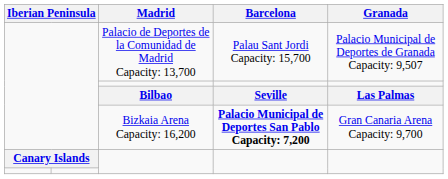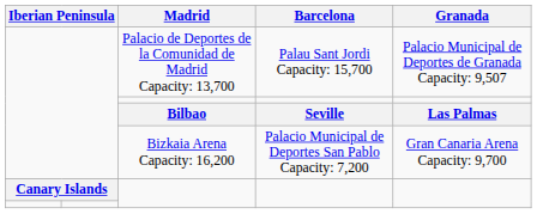 <table class="wikitable" style="text-align:center;" align="center">
 <tr>
 <th colspan=2><a href='#'>Iberian Peninsula</a></th>
 <th width=150px><a href='#'>Madrid</a></th>
 <th width=150px><a href='#'>Barcelona</a></th>
 <th width=150px><a href='#'>Granada</a></th>
 </tr>
 <tr>
 <td colspan="2" rowspan="4"></td>
 <td><a href='#'>Palacio de Deportes de la Comunidad de Madrid</a><br>Capacity: 13,700</td>
 <td><a href='#'>Palau Sant Jordi</a><br>Capacity: 15,700</td>
 <td><a href='#'>Palacio Municipal de Deportes de Granada</a><br>Capacity: 9,507</td>
 </tr>
 <tr>
 <td></td>
 <td></td>
 <td></td>
 </tr>
 <tr>
 <th><a href='#'>Bilbao</a></th>
 <th><a href='#'>Seville</a></th>
 <th><a href='#'>Las Palmas</a></th>
 </tr>
 <tr>
 <td><a href='#'>Bizkaia Arena</a><br>Capacity: 16,200</td>
-<td><strong><a href='#'>Palacio Municipal de Deportes San Pablo</a><br>Capacity: 7,200</strong></td>
+<td><a href='#'>Palacio Municipal de Deportes San Pablo</a><br>Capacity: 7,200</td>
 <td><a href='#'>Gran Canaria Arena</a><br>Capacity: 9,700</td>
 </tr>
 <tr>
 <th colspan=2><a href='#'>Canary Islands</a></th>
 <td rowspan=2></td>
 <td rowspan=2></td>
 <td rowspan=2></td>
 </tr>
 <tr>
 <td></td>
 <td></td>
 </tr>
 </table>
